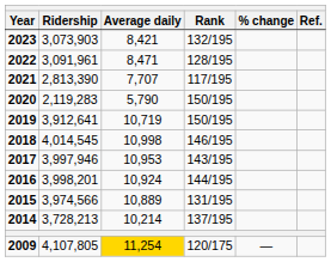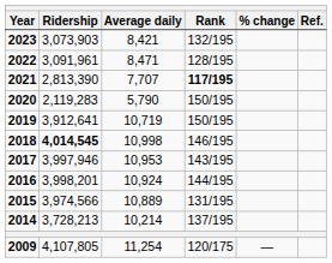 <table class="wikitable sortable" style="text-align:right;">
 <tr>
 <th colspan="6" style="background-color:#"></th>
 </tr>
 <tr style="font-size:95%; text-align:center">
 <th style="border-bottom:1px solid black">Year</th>
 <th style="border-bottom:1px solid black">Ridership</th>
 <th style="border-bottom:1px solid black">Average daily</th>
 <th style="border-bottom:1px solid black">Rank</th>
 <th style="border-bottom:1px solid black">% change</th>
 <th style="border-bottom:1px solid black">Ref.</th>
 </tr>
 <tr style="text-align:center;">
 <td><strong>2023</strong></td>
 <td>3,073,903</td>
 <td>8,421</td>
 <td>132/195</td>
 <td></td>
 <td></td>
 </tr>
 <tr style="text-align:center;">
 <td><strong>2022</strong></td>
 <td>3,091,961</td>
 <td>8,471</td>
 <td>128/195</td>
 <td></td>
 <td></td>
 </tr>
 <tr style="text-align:center;">
 <td><strong>2021</strong></td>
 <td>2,813,390</td>
 <td>7,707</td>
-<td>117/195</td>
+<td><strong>117/195</strong></td>
 <td></td>
 <td></td>
 </tr>
 <tr style="text-align:center;">
 <td><strong>2020</strong></td>
 <td>2,119,283</td>
 <td>5,790</td>
 <td>150/195</td>
 <td></td>
 <td></td>
 </tr>
 <tr style="text-align:center;">
 <td><strong>2019</strong></td>
 <td>3,912,641</td>
 <td>10,719</td>
 <td>150/195</td>
 <td></td>
 <td></td>
 </tr>
 <tr style="text-align:center;">
 <td><strong>2018</strong></td>
-<td>4,014,545</td>
+<td><strong>4,014,545</strong></td>
 <td>10,998</td>
 <td>146/195</td>
 <td></td>
 <td></td>
 </tr>
 <tr style="text-align:center;">
 <td><strong>2017</strong></td>
 <td>3,997,946</td>
 <td>10,953</td>
 <td>143/195</td>
 <td></td>
 <td></td>
 </tr>
 <tr style="text-align:center;">
 <td><strong>2016</strong></td>
 <td>3,998,201</td>
 <td>10,924</td>
 <td>144/195</td>
 <td></td>
 <td></td>
 </tr>
 <tr style="text-align:center;">
 <td><strong>2015</strong></td>
 <td>3,974,566</td>
 <td>10,889</td>
 <td>131/195</td>
 <td></td>
 <td></td>
 </tr>
 <tr style="text-align:center;">
 <td><strong>2014</strong></td>
 <td>3,728,213</td>
 <td>10,214</td>
 <td>137/195</td>
 <td></td>
 <td></td>
 </tr>
 <tr>
 <th colspan="6" style="background-color:#"></th>
 </tr>
 <tr style="text-align:center;">
 <td><strong>2009</strong></td>
 <td>4,107,805</td>
-<td style="background: gold;">11,254</td>
+<td>11,254</td>
 <td>120/175</td>
 <td>—</td>
 <td></td>
 </tr>
 </table>
